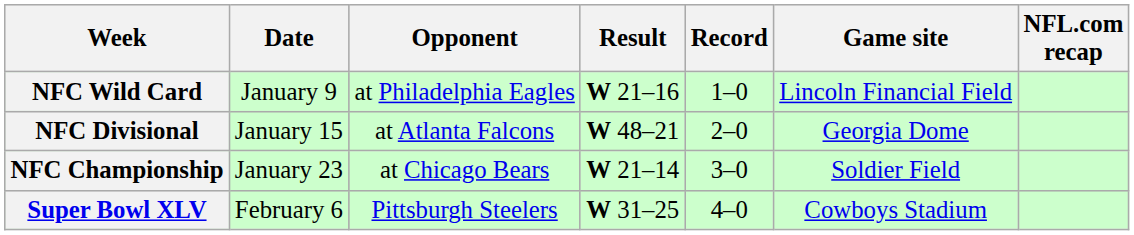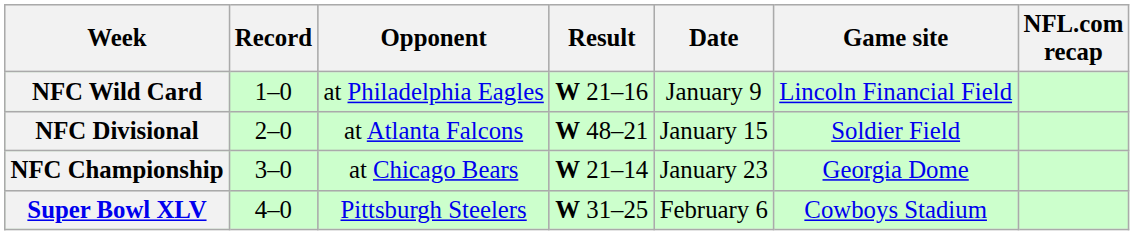 <table class="wikitable" style="text-align:center">
 <tr>
 <th>Week</th>
-<th>Date</th>
+<th>Record</th>
 <th>Opponent</th>
 <th>Result</th>
-<th>Record</th>
+<th>Date</th>
 <th>Game site</th>
 <th>NFL.com<br>recap</th>
 </tr>
 <tr style="background:#cfc;">
 <th>NFC Wild Card</th>
-<td style="text-align:center;">January 9</td>
+<td style="text-align:center;">1–0</td>
 <td style="text-align:center;">at <a href='#'>Philadelphia Eagles</a></td>
 <td style="text-align:center;"><strong>W</strong> 21–16</td>
-<td style="text-align:center;">1–0</td>
+<td style="text-align:center;">January 9</td>
 <td style="text-align:center;"><a href='#'>Lincoln Financial Field</a></td>
 <td style="text-align:center;"></td>
 </tr>
 <tr style="background:#cfc;">
 <th>NFC Divisional</th>
-<td style="text-align:center;">January 15</td>
+<td style="text-align:center;">2–0</td>
 <td style="text-align:center;">at <a href='#'>Atlanta Falcons</a></td>
 <td style="text-align:center;"><strong>W</strong> 48–21</td>
-<td style="text-align:center;">2–0</td>
+<td style="text-align:center;">January 15</td>
+<td style="text-align:center;"><a href='#'>Soldier Field</a></td>
+<td style="text-align:center;"></td>
+</tr>
+<tr style="background:#cfc;">
+<th>NFC Championship</th>
+<td style="text-align:center;">3–0</td>
+<td style="text-align:center;">at <a href='#'>Chicago Bears</a></td>
+<td style="text-align:center;"><strong>W</strong> 21–14</td>
+<td style="text-align:center;">January 23</td>
 <td style="text-align:center;"><a href='#'>Georgia Dome</a></td>
 <td style="text-align:center;"></td>
 </tr>
 <tr style="background:#cfc;">
-<th>NFC Championship</th>
-<td style="text-align:center;">January 23</td>
-<td style="text-align:center;">at <a href='#'>Chicago Bears</a></td>
-<td style="text-align:center;"><strong>W</strong> 21–14</td>
-<td style="text-align:center;">3–0</td>
-<td style="text-align:center;"><a href='#'>Soldier Field</a></td>
-<td style="text-align:center;"></td>
-</tr>
-<tr style="background:#cfc;">
 <th><a href='#'>Super Bowl XLV</a></th>
-<td style="text-align:center;">February 6</td>
+<td style="text-align:center;">4–0</td>
 <td style="text-align:center;"><a href='#'>Pittsburgh Steelers</a></td>
 <td style="text-align:center;"><strong>W</strong> 31–25</td>
-<td style="text-align:center;">4–0</td>
+<td style="text-align:center;">February 6</td>
 <td style="text-align:center;"><a href='#'>Cowboys Stadium</a></td>
 <td style="text-align:center;"></td>
 </tr>
 </table>
